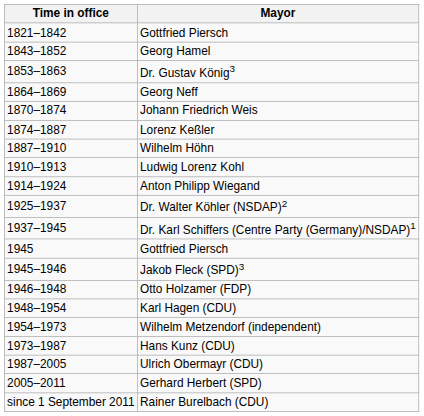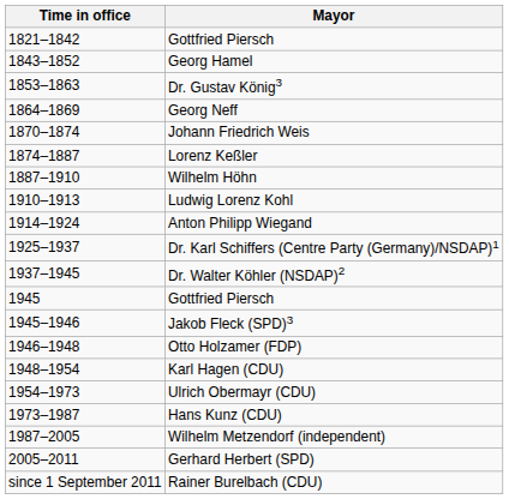 <table class="wikitable">
 <tr>
 <th>Time in office</th>
 <th>Mayor</th>
 </tr>
 <tr>
 <td>1821–1842</td>
 <td>Gottfried Piersch</td>
 </tr>
 <tr>
 <td>1843–1852</td>
 <td>Georg Hamel</td>
 </tr>
 <tr>
 <td>1853–1863</td>
 <td>Dr. Gustav König<sup>3</sup></td>
 </tr>
 <tr>
 <td>1864–1869</td>
 <td>Georg Neff</td>
 </tr>
 <tr>
 <td>1870–1874</td>
 <td>Johann Friedrich Weis</td>
 </tr>
 <tr>
 <td>1874–1887</td>
 <td>Lorenz Keßler</td>
 </tr>
 <tr>
 <td>1887–1910</td>
 <td>Wilhelm Höhn</td>
 </tr>
 <tr>
 <td>1910–1913</td>
 <td>Ludwig Lorenz Kohl</td>
 </tr>
 <tr>
 <td>1914–1924</td>
 <td>Anton Philipp Wiegand</td>
 </tr>
 <tr>
 <td>1925–1937</td>
-<td>Dr. Walter Köhler (NSDAP)<sup>2</sup></td>
+<td>Dr. Karl Schiffers (Centre Party (Germany)/NSDAP)<sup>1</sup></td>
 </tr>
 <tr>
 <td>1937–1945</td>
-<td>Dr. Karl Schiffers (Centre Party (Germany)/NSDAP)<sup>1</sup></td>
+<td>Dr. Walter Köhler (NSDAP)<sup>2</sup></td>
 </tr>
 <tr>
 <td>1945</td>
 <td>Gottfried Piersch</td>
 </tr>
 <tr>
 <td>1945–1946</td>
 <td>Jakob Fleck (SPD)<sup>3</sup></td>
 </tr>
 <tr>
 <td>1946–1948</td>
 <td>Otto Holzamer (FDP)</td>
 </tr>
 <tr>
 <td>1948–1954</td>
 <td>Karl Hagen (CDU)</td>
 </tr>
 <tr>
 <td>1954–1973</td>
-<td>Wilhelm Metzendorf (independent)</td>
+<td>Ulrich Obermayr (CDU)</td>
 </tr>
 <tr>
 <td>1973–1987</td>
 <td>Hans Kunz (CDU)</td>
 </tr>
 <tr>
 <td>1987–2005</td>
-<td>Ulrich Obermayr (CDU)</td>
+<td>Wilhelm Metzendorf (independent)</td>
 </tr>
 <tr>
 <td>2005–2011</td>
 <td>Gerhard Herbert (SPD)</td>
 </tr>
 <tr>
 <td>since 1 September 2011</td>
 <td>Rainer Burelbach (CDU)</td>
 </tr>
 </table>
